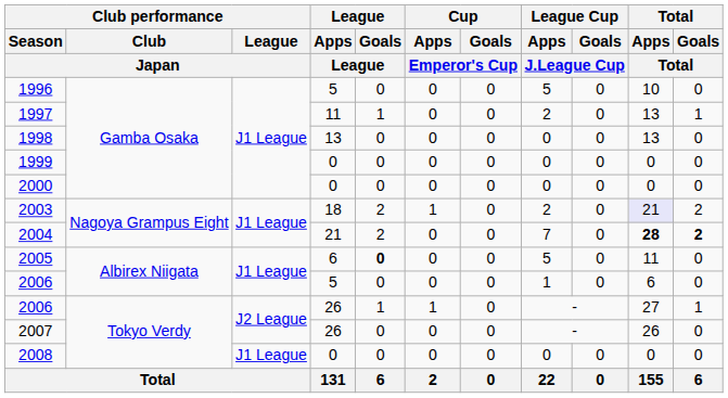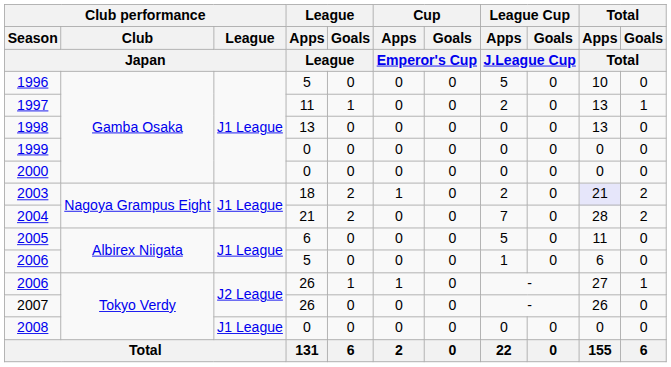 <table class="wikitable" style="text-align:center;">
 <tr>
 <th colspan=3>Club performance</th>
 <th colspan=2>League</th>
 <th colspan=2>Cup</th>
 <th colspan=2>League Cup</th>
 <th colspan=2>Total</th>
 </tr>
 <tr>
 <th>Season</th>
 <th>Club</th>
 <th>League</th>
 <th>Apps</th>
 <th>Goals</th>
 <th>Apps</th>
 <th>Goals</th>
 <th>Apps</th>
 <th>Goals</th>
 <th>Apps</th>
 <th>Goals</th>
 </tr>
 <tr>
 <th colspan=3>Japan</th>
 <th colspan=2>League</th>
 <th colspan=2><a href='#'>Emperor's Cup</a></th>
 <th colspan=2><a href='#'>J.League Cup</a></th>
 <th colspan=2>Total</th>
 </tr>
 <tr>
 <td><a href='#'>1996</a></td>
 <td rowspan="5"><a href='#'>Gamba Osaka</a></td>
 <td rowspan="5"><a href='#'>J1 League</a></td>
 <td>5</td>
 <td>0</td>
 <td>0</td>
 <td>0</td>
 <td>5</td>
 <td>0</td>
 <td>10</td>
 <td>0</td>
 </tr>
 <tr>
 <td><a href='#'>1997</a></td>
 <td>11</td>
 <td>1</td>
 <td>0</td>
 <td>0</td>
 <td>2</td>
 <td>0</td>
 <td>13</td>
 <td>1</td>
 </tr>
 <tr>
 <td><a href='#'>1998</a></td>
 <td>13</td>
 <td>0</td>
 <td>0</td>
 <td>0</td>
 <td>0</td>
 <td>0</td>
 <td>13</td>
 <td>0</td>
 </tr>
 <tr>
 <td><a href='#'>1999</a></td>
 <td>0</td>
 <td>0</td>
 <td>0</td>
 <td>0</td>
 <td>0</td>
 <td>0</td>
 <td>0</td>
 <td>0</td>
 </tr>
 <tr>
 <td><a href='#'>2000</a></td>
 <td>0</td>
 <td>0</td>
 <td>0</td>
 <td>0</td>
 <td>0</td>
 <td>0</td>
 <td>0</td>
 <td>0</td>
 </tr>
 <tr>
 <td><a href='#'>2003</a></td>
 <td rowspan="2"><a href='#'>Nagoya Grampus Eight</a></td>
 <td rowspan="2"><a href='#'>J1 League</a></td>
 <td>18</td>
 <td>2</td>
 <td>1</td>
 <td>0</td>
 <td>2</td>
 <td>0</td>
 <td style="background: lavender;">21</td>
 <td>2</td>
 </tr>
 <tr>
 <td><a href='#'>2004</a></td>
 <td>21</td>
 <td>2</td>
 <td>0</td>
 <td>0</td>
 <td>7</td>
 <td>0</td>
-<td><strong>28</strong></td>
-<td><strong>2</strong></td>
+<td>28</td>
+<td>2</td>
 </tr>
 <tr>
 <td><a href='#'>2005</a></td>
 <td rowspan="2"><a href='#'>Albirex Niigata</a></td>
 <td rowspan="2"><a href='#'>J1 League</a></td>
 <td>6</td>
-<td><strong>0</strong></td>
+<td>0</td>
 <td>0</td>
 <td>0</td>
 <td>5</td>
 <td>0</td>
 <td>11</td>
 <td>0</td>
 </tr>
 <tr>
 <td><a href='#'>2006</a></td>
 <td>5</td>
 <td>0</td>
 <td>0</td>
 <td>0</td>
 <td>1</td>
 <td>0</td>
 <td>6</td>
 <td>0</td>
 </tr>
 <tr>
 <td><a href='#'>2006</a></td>
 <td rowspan="3"><a href='#'>Tokyo Verdy</a></td>
 <td rowspan="2"><a href='#'>J2 League</a></td>
 <td>26</td>
 <td>1</td>
 <td>1</td>
 <td>0</td>
 <td colspan="2">-</td>
 <td>27</td>
 <td>1</td>
 </tr>
 <tr>
 <td>2007</td>
 <td>26</td>
 <td>0</td>
 <td>0</td>
 <td>0</td>
 <td colspan="2">-</td>
 <td>26</td>
 <td>0</td>
 </tr>
 <tr>
 <td><a href='#'>2008</a></td>
 <td><a href='#'>J1 League</a></td>
 <td>0</td>
 <td>0</td>
 <td>0</td>
 <td>0</td>
 <td>0</td>
 <td>0</td>
 <td>0</td>
 <td>0</td>
 </tr>
 <tr>
 <th colspan=3>Total</th>
 <th>131</th>
 <th>6</th>
 <th>2</th>
 <th>0</th>
 <th>22</th>
 <th>0</th>
 <th>155</th>
 <th>6</th>
 </tr>
 </table>
